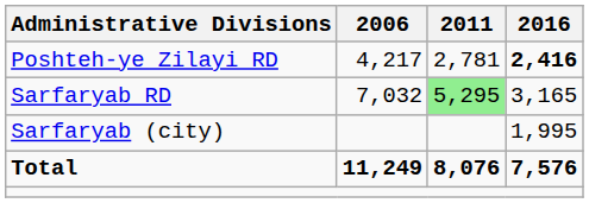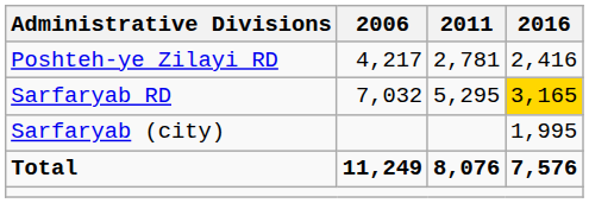 <table class="wikitable">
 <tr>
 <th>Administrative Divisions</th>
 <th>2006</th>
 <th>2011</th>
 <th>2016</th>
 </tr>
 <tr>
 <td><a href='#'>Poshteh-ye Zilayi RD</a></td>
 <td style="text-align: right;">4,217</td>
 <td style="text-align: right;">2,781</td>
-<td style="text-align: right;"><strong>2,416</strong></td>
+<td style="text-align: right;">2,416</td>
 </tr>
 <tr>
 <td><a href='#'>Sarfaryab RD</a></td>
 <td style="text-align: right;">7,032</td>
-<td style="background: lightgreen; text-align: right;">5,295</td>
-<td style="text-align: right;">3,165</td>
+<td style="text-align: right;">5,295</td>
+<td style="background: gold; text-align: right;">3,165</td>
 </tr>
 <tr>
 <td><a href='#'>Sarfaryab</a> (city)</td>
 <td style="text-align: right;"></td>
 <td style="text-align: right;"></td>
 <td style="text-align: right;">1,995</td>
 </tr>
 <tr>
 <td><strong>Total</strong></td>
 <td style="text-align: right;"><strong>11,249</strong></td>
 <td style="text-align: right;"><strong>8,076</strong></td>
 <td style="text-align: right;"><strong>7,576</strong></td>
 </tr>
 <tr>
 <td colspan=4></td>
 </tr>
 </table>
